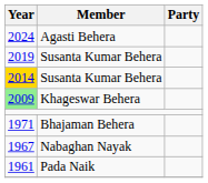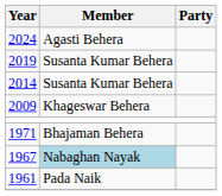 <table class="wikitable sortable">
 <tr>
 <th>Year</th>
 <th>Member</th>
 <th colspan=2>Party</th>
 </tr>
 <tr>
 <td><a href='#'>2024</a></td>
 <td>Agasti Behera</td>
 <td></td>
 </tr>
 <tr>
 <td><a href='#'>2019</a></td>
 <td>Susanta Kumar Behera</td>
 <td></td>
 </tr>
 <tr>
-<td style="background: gold;"><a href='#'>2014</a></td>
+<td><a href='#'>2014</a></td>
 <td>Susanta Kumar Behera</td>
 <td></td>
 </tr>
 <tr>
-<td style="background: lightgreen;"><a href='#'>2009</a></td>
+<td><a href='#'>2009</a></td>
 <td>Khageswar Behera</td>
 <td></td>
 </tr>
 <tr>
 <td colspan="4"></td>
 </tr>
 <tr>
 <td><a href='#'>1971</a></td>
 <td>Bhajaman Behera</td>
 <td></td>
 </tr>
 <tr>
 <td><a href='#'>1967</a></td>
-<td>Nabaghan Nayak</td>
+<td style="background: lightblue;">Nabaghan Nayak</td>
 <td></td>
 </tr>
 <tr>
 <td><a href='#'>1961</a></td>
 <td>Pada Naik</td>
 <td></td>
 </tr>
 <tr>
 </tr>
 </table>
